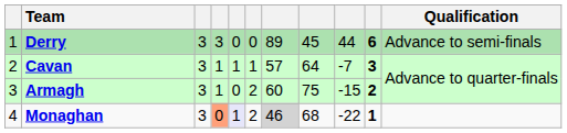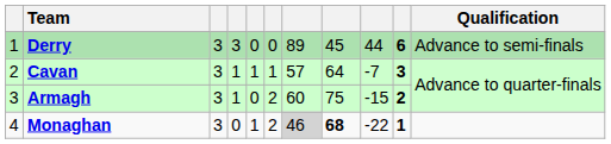 <table class="wikitable">
 <tr>
 <th width="10"></th>
 <th width="170" style="text-align:left;">Team</th>
 <th width="10"></th>
 <th width="10"></th>
 <th width="10"></th>
 <th width="10"></th>
 <th width="30"></th>
 <th width="30"></th>
 <th width="10"></th>
 <th width="10"></th>
 <th>Qualification</th>
 </tr>
 <tr style="background:#ace1af">
 <td>1</td>
 <td align="left"><strong> <a href='#'>Derry</a></strong></td>
 <td>3</td>
 <td>3</td>
 <td>0</td>
 <td>0</td>
 <td>89</td>
 <td>45</td>
 <td>44</td>
 <td><strong>6</strong></td>
 <td>Advance to semi-finals</td>
 </tr>
 <tr style="background:#ccffcc">
 <td>2</td>
 <td align="left"><strong> <a href='#'>Cavan</a></strong></td>
 <td>3</td>
 <td>1</td>
 <td>1</td>
 <td>1</td>
 <td>57</td>
 <td>64</td>
 <td>-7</td>
 <td><strong>3</strong></td>
 <td rowspan=2>Advance to quarter-finals</td>
 </tr>
 <tr style="background:#ccffcc">
 <td>3</td>
 <td align="left"><strong> <a href='#'>Armagh</a></strong></td>
 <td>3</td>
 <td>1</td>
 <td>0</td>
 <td>2</td>
 <td>60</td>
 <td>75</td>
 <td>-15</td>
 <td><strong>2</strong></td>
 </tr>
 <tr>
 <td>4</td>
 <td align="left"><strong> <a href='#'>Monaghan</a></strong></td>
 <td>3</td>
-<td style="background: lightsalmon;">0</td>
-<td style="background: lavender;">1</td>
+<td>0</td>
+<td>1</td>
 <td>2</td>
 <td style="background: lightgrey;">46</td>
-<td>68</td>
+<td><strong>68</strong></td>
 <td>-22</td>
 <td><strong>1</strong></td>
 <td></td>
 </tr>
 </table>
